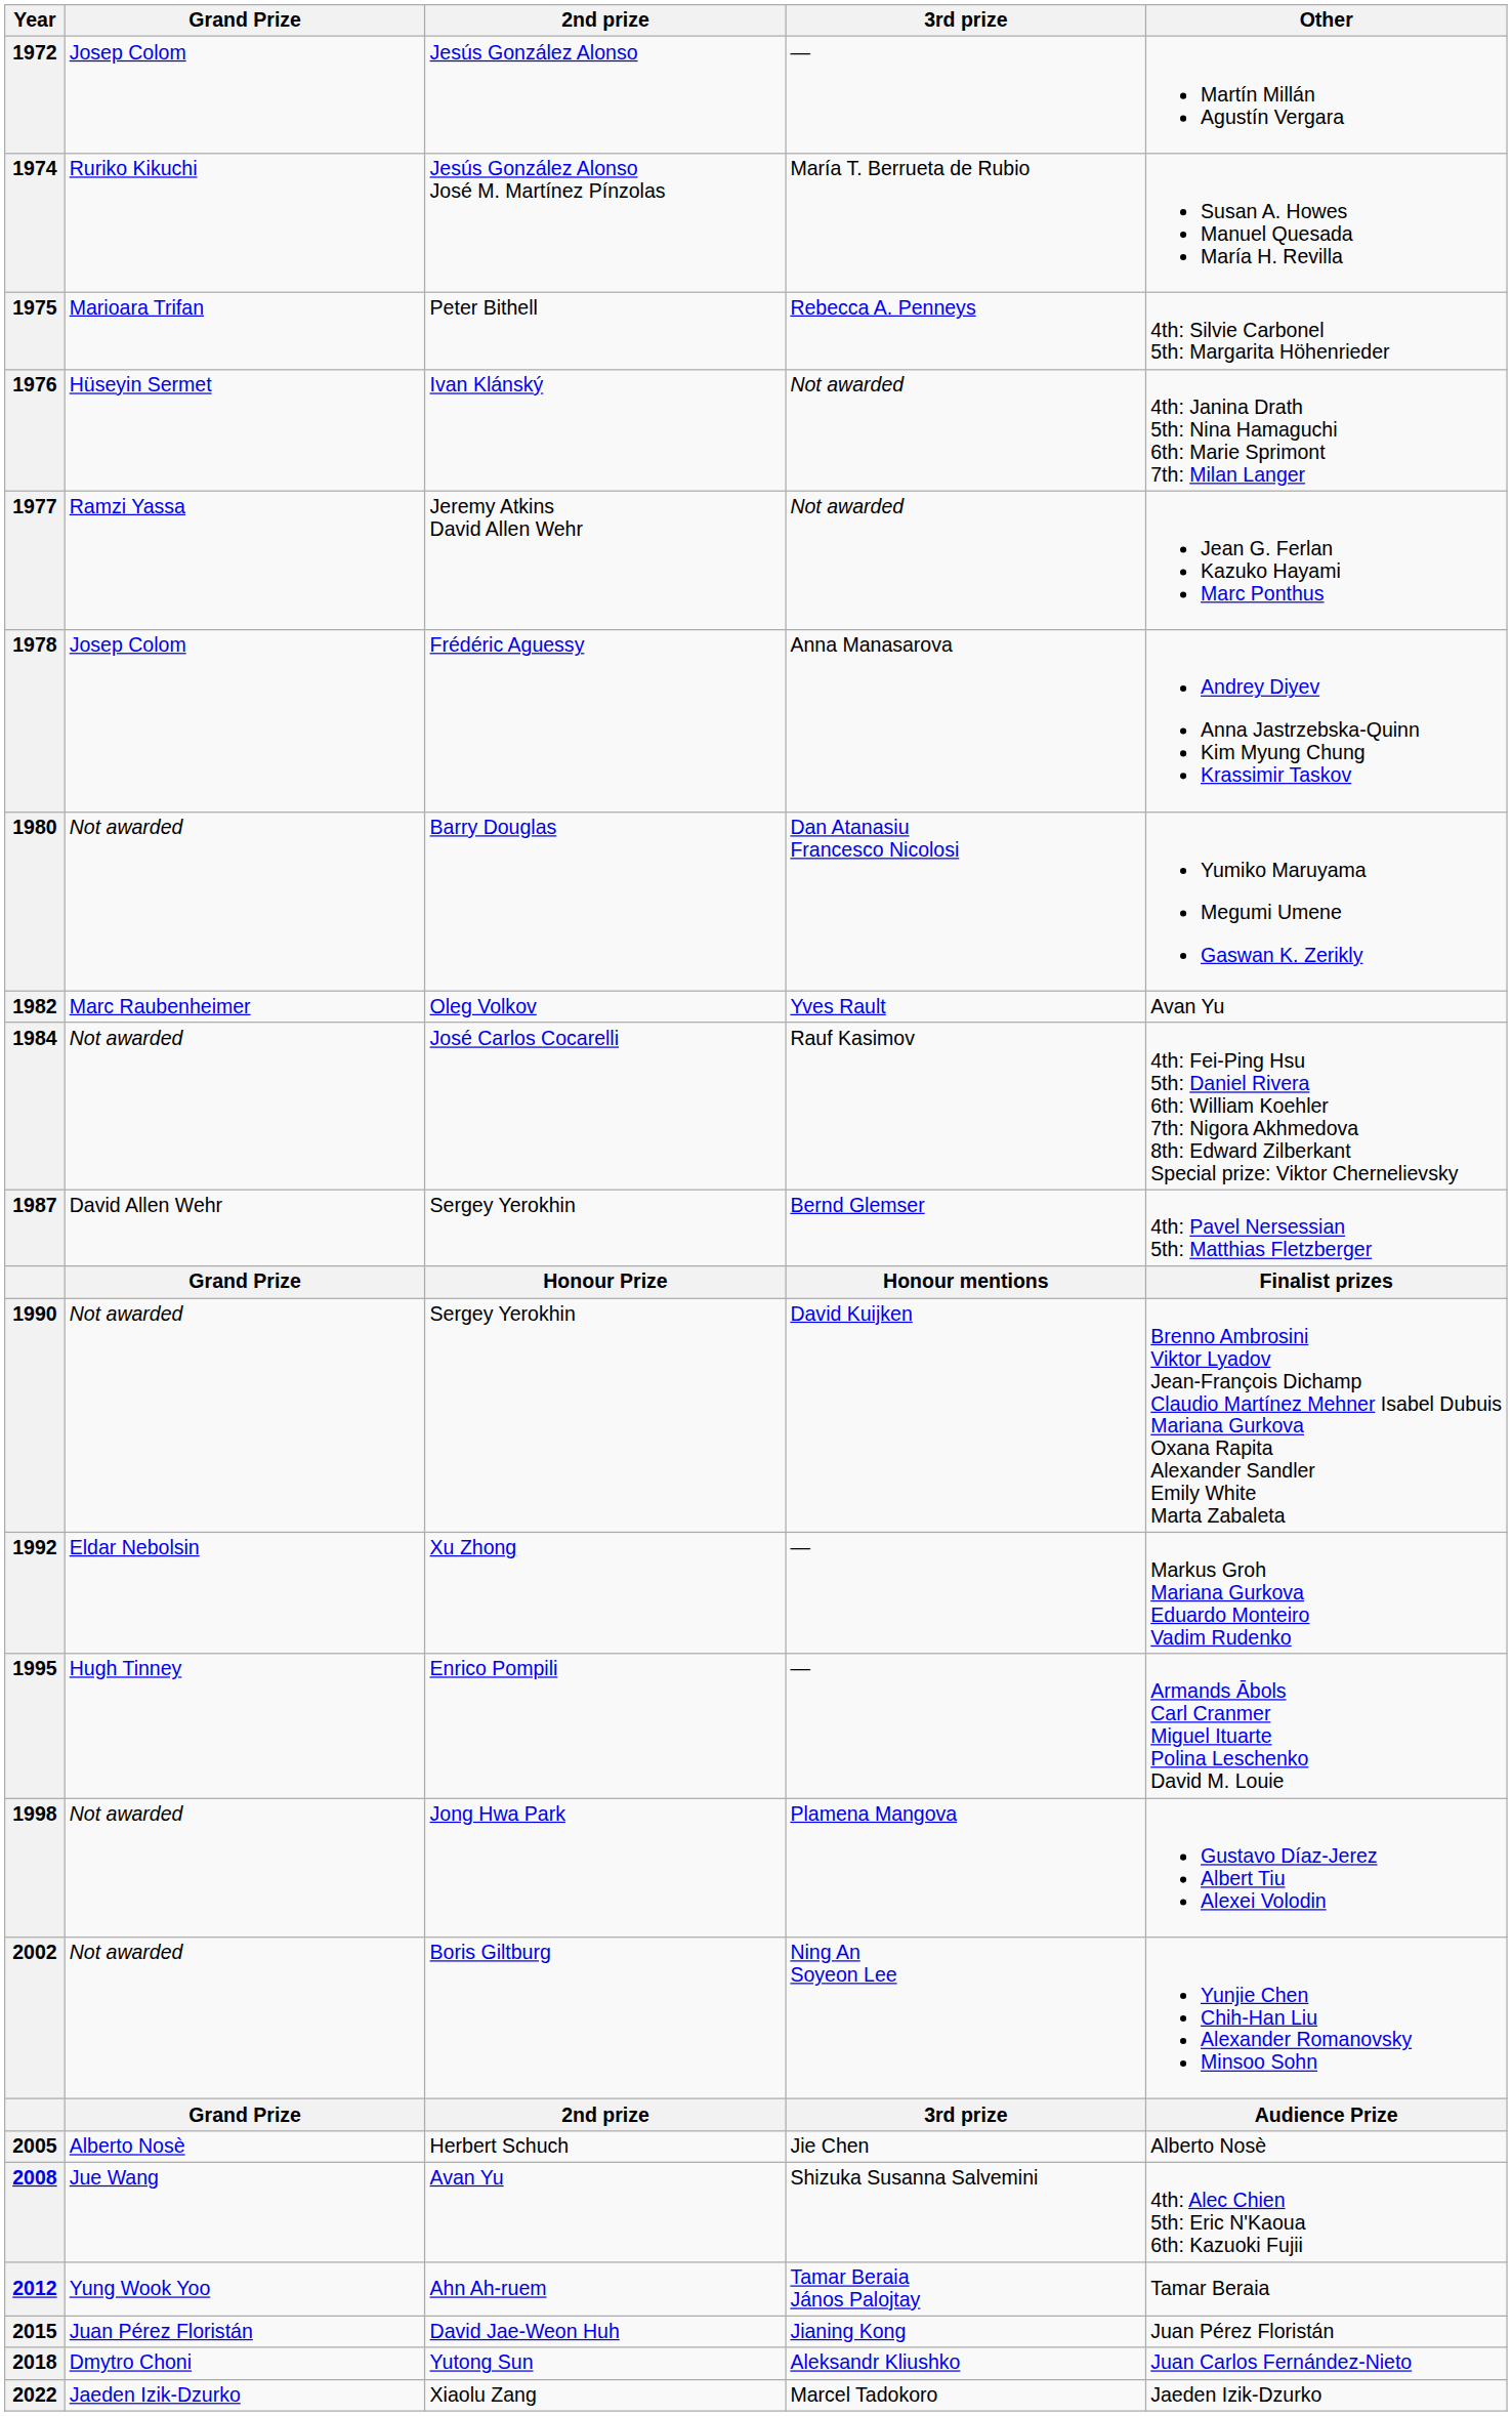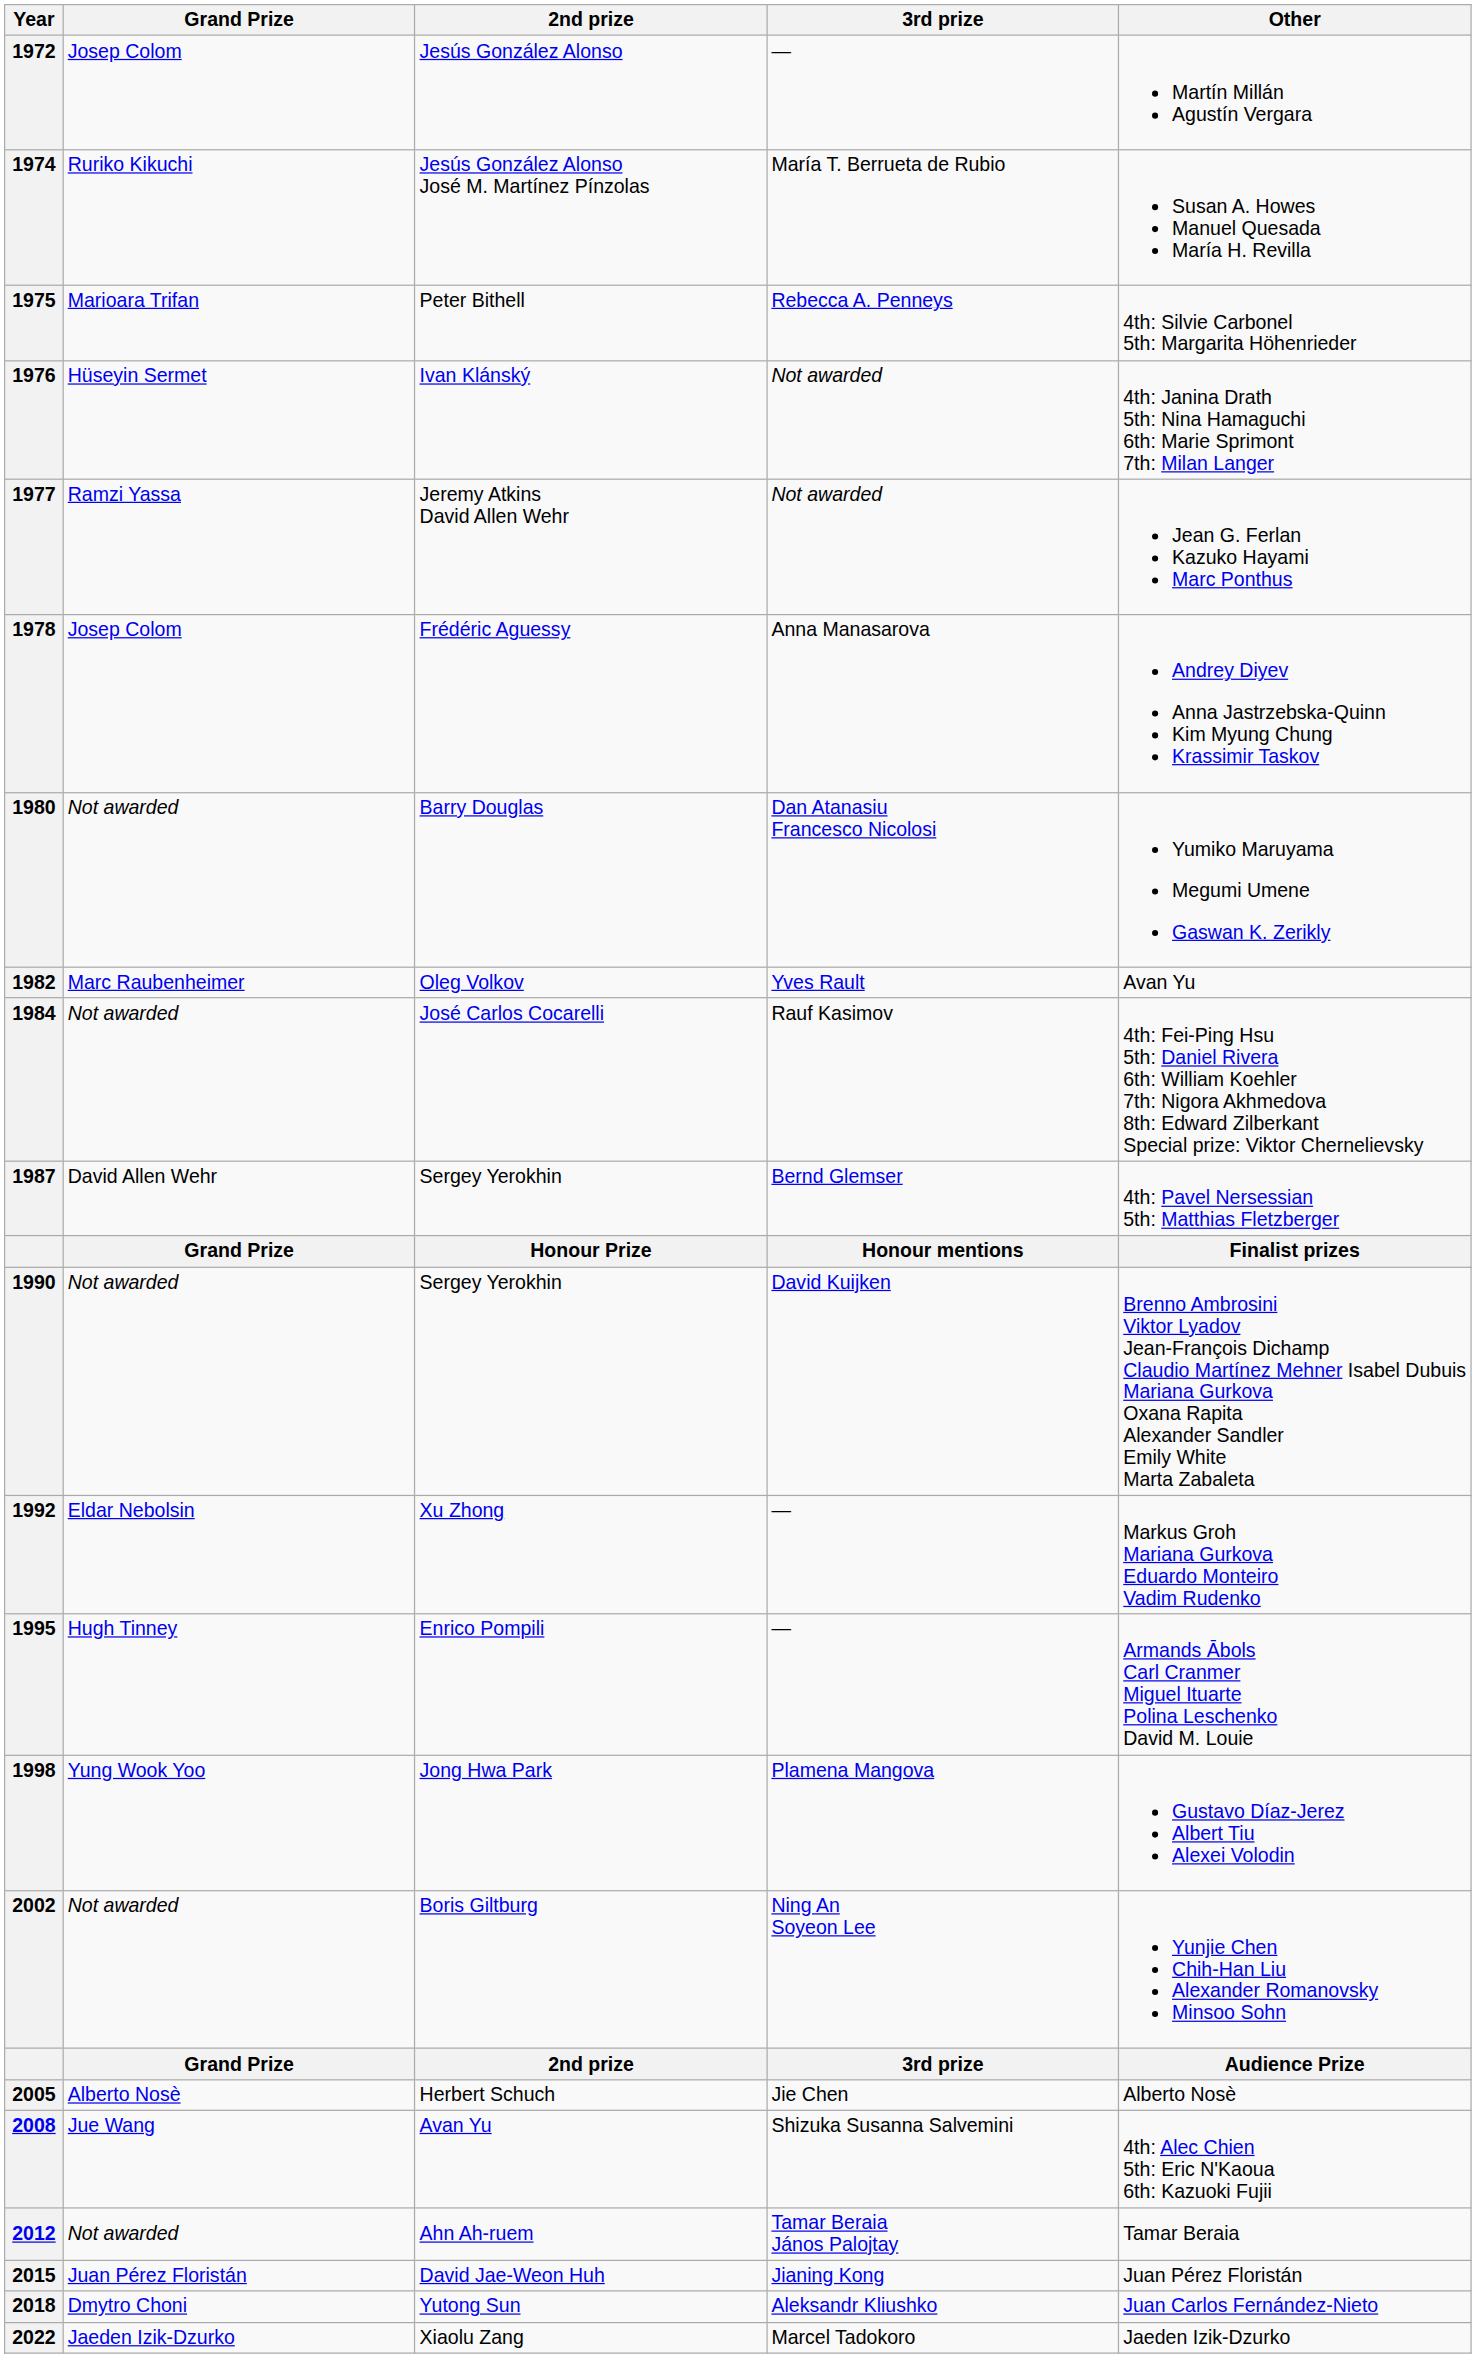 <table class="wikitable">
 <tr>
 <th width="4%">Year</th>
 <th width="24%">Grand Prize</th>
 <th width="24%">2nd prize</th>
 <th width="24%">3rd prize</th>
 <th width="24%">Other</th>
 </tr>
 <tr valign="top">
 <th>1972</th>
 <td> <a href='#'>Josep Colom</a></td>
 <td>  <a href='#'>Jesús González Alonso</a></td>
 <td>—</td>
 <td><br><ul><li> Martín Millán</li><li> Agustín Vergara</li></ul></td>
 </tr>
 <tr valign="top">
 <th>1974</th>
 <td> <a href='#'>Ruriko Kikuchi</a></td>
 <td> <a href='#'>Jesús González Alonso</a><br> José M. Martínez Pínzolas</td>
 <td> María T. Berrueta de Rubio</td>
 <td><br><ul><li> Susan A. Howes</li><li> Manuel Quesada</li><li> María H. Revilla</li></ul></td>
 </tr>
 <tr valign="top">
 <th>1975</th>
 <td> <a href='#'>Marioara Trifan</a></td>
 <td> Peter Bithell</td>
 <td> <a href='#'>Rebecca A. Penneys</a></td>
 <td><br>4th:  Silvie Carbonel <br> 5th:  Margarita Höhenrieder</td>
 </tr>
 <tr valign="top">
 <th>1976</th>
 <td> <a href='#'>Hüseyin Sermet</a></td>
 <td> <a href='#'>Ivan Klánský</a></td>
 <td><em>Not awarded</em></td>
 <td><br>4th:  Janina Drath <br>5th:  Nina Hamaguchi <br> 6th:  Marie Sprimont <br> 7th:  <a href='#'>Milan Langer</a></td>
 </tr>
 <tr valign="top">
 <th>1977</th>
 <td> <a href='#'>Ramzi Yassa</a></td>
 <td> Jeremy Atkins<br>  David Allen Wehr</td>
 <td><em>Not awarded</em></td>
 <td><br><ul><li> Jean G. Ferlan</li><li> Kazuko Hayami</li><li> <a href='#'>Marc Ponthus</a></li></ul></td>
 </tr>
 <tr valign="top">
 <th>1978</th>
 <td> <a href='#'>Josep Colom</a></td>
 <td> <a href='#'>Frédéric Aguessy</a></td>
 <td> Anna Manasarova</td>
 <td><br><ul><li> <a href='#'>Andrey Diyev</a></li></ul><ul><li> Anna Jastrzebska-Quinn</li><li> Kim Myung Chung</li><li> <a href='#'>Krassimir Taskov</a></li></ul></td>
 </tr>
 <tr valign="top">
 <th>1980</th>
 <td><em>Not awarded</em></td>
 <td> <a href='#'>Barry Douglas</a></td>
 <td> <a href='#'>Dan Atanasiu</a><br>  <a href='#'>Francesco Nicolosi</a></td>
 <td><br><ul><li> Yumiko Maruyama</li></ul><ul><li> Megumi Umene</li></ul><ul><li> <a href='#'>Gaswan K. Zerikly</a></li></ul></td>
 </tr>
 <tr valign="top">
 <th>1982</th>
 <td> <a href='#'>Marc Raubenheimer</a></td>
 <td> <a href='#'>Oleg Volkov</a></td>
 <td> <a href='#'>Yves Rault</a></td>
 <td>  Avan Yu</td>
 </tr>
 <tr valign="top">
 <th>1984</th>
 <td><em>Not awarded</em></td>
 <td> <a href='#'>José Carlos Cocarelli</a></td>
 <td> Rauf Kasimov</td>
 <td><br>4th:  Fei-Ping Hsu <br> 5th:  <a href='#'>Daniel Rivera</a> <br> 6th:  William Koehler <br> 7th:  Nigora Akhmedova <br> 8th:  Edward Zilberkant <br> Special prize:  Viktor Chernelievsky</td>
 </tr>
 <tr valign="top">
 <th>1987</th>
 <td> David Allen Wehr</td>
 <td> Sergey Yerokhin</td>
 <td> <a href='#'>Bernd Glemser</a></td>
 <td><br>4th:  <a href='#'>Pavel Nersessian</a> <br>5th:  <a href='#'>Matthias Fletzberger</a></td>
 </tr>
 <tr>
 <th></th>
 <th>Grand Prize</th>
 <th>Honour Prize</th>
 <th>Honour mentions</th>
 <th>Finalist prizes</th>
 </tr>
 <tr valign="top">
 <th>1990</th>
 <td><em>Not awarded</em></td>
 <td> Sergey Yerokhin</td>
 <td> <a href='#'>David Kuijken</a></td>
 <td><br> <a href='#'>Brenno Ambrosini</a><br>  <a href='#'>Viktor Lyadov</a><br>  Jean-François Dichamp<br>  <a href='#'>Claudio Martínez Mehner</a> Isabel Dubuis<br>  <a href='#'>Mariana Gurkova</a><br>  Oxana Rapita<br>  Alexander Sandler<br>  Emily White<br>  Marta Zabaleta</td>
 </tr>
 <tr valign="top">
 <th>1992</th>
 <td> <a href='#'>Eldar Nebolsin</a></td>
 <td> <a href='#'>Xu Zhong</a></td>
 <td>—</td>
 <td><br> Markus Groh<br>  <a href='#'>Mariana Gurkova</a><br>   <a href='#'>Eduardo Monteiro</a><br>  <a href='#'>Vadim Rudenko</a></td>
 </tr>
 <tr valign="top">
 <th>1995</th>
 <td> <a href='#'>Hugh Tinney</a></td>
 <td> <a href='#'>Enrico Pompili</a></td>
 <td>—</td>
 <td><br> <a href='#'>Armands Ābols</a><br>  <a href='#'>Carl Cranmer</a><br>  <a href='#'>Miguel Ituarte</a><br>   <a href='#'>Polina Leschenko</a><br>  David M. Louie</td>
 </tr>
 <tr valign="top">
 <th>1998</th>
-<td><em>Not awarded</em><br></td>
+<td> <a href='#'>Yung Wook Yoo</a></td>
 <td> <a href='#'>Jong Hwa Park</a></td>
 <td> <a href='#'>Plamena Mangova</a></td>
 <td><br><ul><li> <a href='#'>Gustavo Díaz-Jerez</a></li><li> <a href='#'>Albert Tiu</a></li><li> <a href='#'>Alexei Volodin</a></li></ul></td>
 </tr>
 <tr valign="top">
 <th>2002</th>
 <td><em>Not awarded</em></td>
 <td>  <a href='#'>Boris Giltburg</a></td>
 <td> <a href='#'>Ning An</a><br> <a href='#'>Soyeon Lee</a></td>
 <td><br><ul><li> <a href='#'>Yunjie Chen</a></li><li> <a href='#'>Chih-Han Liu</a></li><li> <a href='#'>Alexander Romanovsky</a></li><li> <a href='#'>Minsoo Sohn</a></li></ul></td>
 </tr>
 <tr>
 <th></th>
 <th>Grand Prize</th>
 <th>2nd prize</th>
 <th>3rd prize</th>
 <th>Audience Prize</th>
 </tr>
 <tr valign="top">
 <th>2005</th>
 <td> <a href='#'>Alberto Nosè</a></td>
 <td> Herbert Schuch</td>
 <td> Jie Chen</td>
 <td> Alberto Nosè</td>
 </tr>
 <tr valign="top">
 <th><a href='#'>2008</a></th>
 <td> <a href='#'>Jue Wang</a></td>
 <td>  <a href='#'>Avan Yu</a></td>
 <td> Shizuka Susanna Salvemini</td>
 <td><br>4th:  <a href='#'>Alec Chien</a> <br> 5th:  Eric N'Kaoua <br> 6th:  Kazuoki Fujii</td>
 </tr>
 <tr>
 <th><a href='#'>2012</a><br></th>
-<td> <a href='#'>Yung Wook Yoo</a></td>
+<td><em>Not awarded</em><br></td>
 <td> <a href='#'>Ahn Ah-ruem</a><br></td>
 <td> <a href='#'>Tamar Beraia</a><br> <a href='#'>János Palojtay</a></td>
 <td> Tamar Beraia<br></td>
 </tr>
 <tr>
 <th>2015</th>
 <td> <a href='#'>Juan Pérez Floristán</a></td>
 <td> <a href='#'>David Jae-Weon Huh</a></td>
 <td> <a href='#'>Jianing Kong</a></td>
 <td> Juan Pérez Floristán</td>
 </tr>
 <tr>
 <th>2018</th>
 <td> <a href='#'>Dmytro Choni</a></td>
 <td> <a href='#'>Yutong Sun</a></td>
 <td> <a href='#'>Aleksandr Kliushko</a></td>
 <td>  <a href='#'>Juan Carlos Fernández-Nieto</a></td>
 </tr>
 <tr>
 <th>2022</th>
 <td> <a href='#'>Jaeden Izik-Dzurko</a></td>
 <td> Xiaolu Zang</td>
 <td> Marcel Tadokoro</td>
 <td> Jaeden Izik-Dzurko</td>
 </tr>
 </table>
